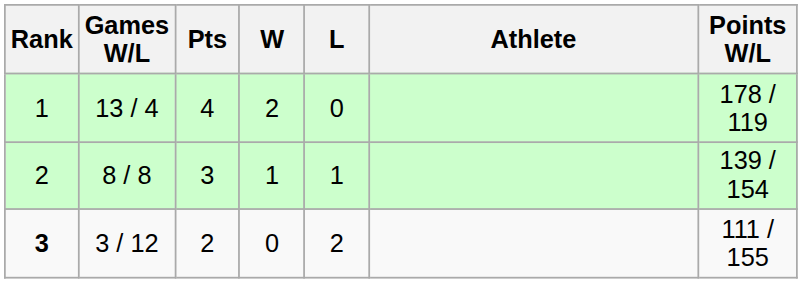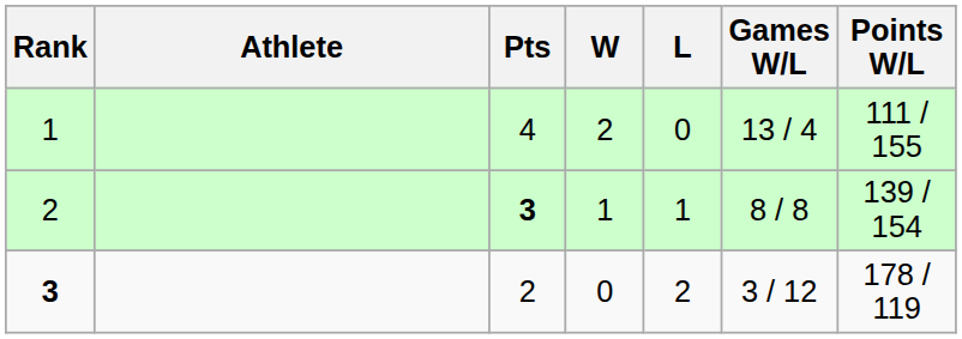 <table class="wikitable" style="text-align: center; font-size:90% ">
 <tr>
 <th width="20">Rank</th>
-<th width="40">Games<br>W/L</th>
+<th width="180">Athlete</th>
 <th width="30">Pts</th>
 <th width="30">W</th>
 <th width="30">L</th>
-<th width="180">Athlete</th>
+<th width="40">Games<br>W/L</th>
 <th width="50">Points<br>W/L</th>
 </tr>
 <tr bgcolor=#ccffcc>
 <td>1</td>
-<td>13 / 4</td>
+<td align=left></td>
 <td>4</td>
 <td>2</td>
 <td>0</td>
-<td align=left></td>
-<td>178 / 119</td>
+<td>13 / 4</td>
+<td>111 / 155</td>
 </tr>
 <tr bgcolor=#ccffcc>
 <td>2</td>
-<td>8 / 8</td>
-<td>3</td>
+<td align=left></td>
+<td><strong>3</strong></td>
 <td>1</td>
 <td>1</td>
-<td align=left></td>
+<td>8 / 8</td>
 <td>139 / 154</td>
 </tr>
 <tr>
 <td><strong>3</strong></td>
-<td>3 / 12</td>
+<td align=left></td>
 <td>2</td>
 <td>0</td>
 <td>2</td>
-<td align=left></td>
-<td>111 / 155</td>
+<td>3 / 12</td>
+<td>178 / 119</td>
 </tr>
 </table>
